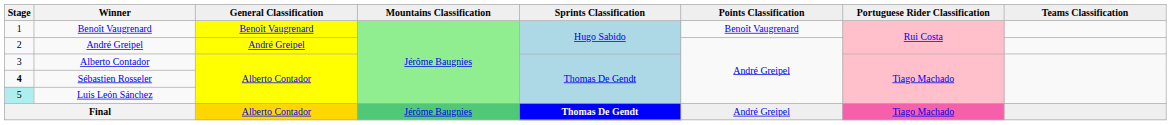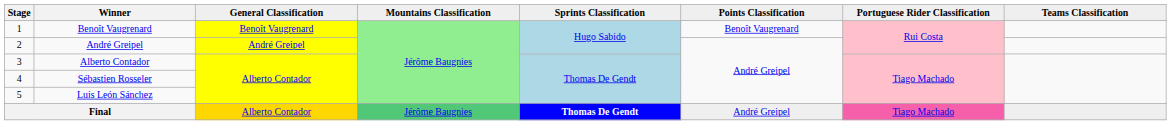 <table class="wikitable" style="text-align: center; font-size:smaller;">
 <tr style="background-color: #efefef;">
 <th width="1%">Stage</th>
 <th width="12%">Winner</th>
 <th style="background:#EFEFEF;" width="12%">General Classification<br></th>
 <th style="background:#EFEFEF;" width="12%">Mountains Classification<br></th>
 <th style="background:#EFEFEF"  width="12%">Sprints Classification<br></th>
 <th style="background:#EFEFEF"  width="12%">Points Classification<br></th>
 <th style="background:#EFEFEF"  width="12%">Portuguese Rider Classification<br></th>
 <th style="background:#EFEFEF;" width="12%">Teams Classification</th>
 </tr>
 <tr>
 <td>1</td>
 <td><a href='#'>Benoît Vaugrenard</a></td>
 <td style="background:yellow;" rowspan="1"><a href='#'>Benoît Vaugrenard</a></td>
 <td style="background:lightgreen;" rowspan="5"><a href='#'>Jérôme Baugnies</a></td>
 <td style="background:lightblue;" rowspan="2"><a href='#'>Hugo Sabido</a></td>
 <td rowspan="1"><a href='#'>Benoît Vaugrenard</a></td>
 <td style="background:pink;" rowspan="2"><a href='#'>Rui Costa</a></td>
 <td rowspan="1"></td>
 </tr>
 <tr>
 <td>2</td>
 <td><a href='#'>André Greipel</a></td>
 <td style="background:yellow;" rowspan="1"><a href='#'>André Greipel</a></td>
 <td rowspan="4"><a href='#'>André Greipel</a></td>
 <td rowspan="1"></td>
 </tr>
 <tr>
 <td>3</td>
 <td><a href='#'>Alberto Contador</a></td>
 <td style="background:yellow;" rowspan="3"><a href='#'>Alberto Contador</a></td>
 <td style="background:lightblue;" rowspan="3"><a href='#'>Thomas De Gendt</a></td>
 <td style="background:pink;" rowspan="3"><a href='#'>Tiago Machado</a></td>
 <td rowspan="3"></td>
 </tr>
 <tr>
-<td><strong>4</strong></td>
+<td>4</td>
 <td><a href='#'>Sébastien Rosseler</a></td>
 </tr>
 <tr>
-<td style="background: paleturquoise;">5</td>
+<td>5</td>
 <td><a href='#'>Luis León Sánchez</a></td>
 </tr>
 <tr>
 <th colspan=2><strong>Final</strong></th>
 <td style="background:gold;" rowspan="1"><a href='#'>Alberto Contador</a></td>
 <td style="background:#50C878;" rowspan="1"><a href='#'>Jérôme Baugnies</a></td>
 <td style="background:blue; color: #FFFFFF;" rowspan="1"><strong>Thomas De Gendt</strong></td>
 <td style="background:#EFEFEF;" rowspan="1"><a href='#'>André Greipel</a></td>
 <td style="background:#F660AB" rowspan="1"><a href='#'>Tiago Machado</a></td>
 <td style="background:#EFEFEF;" rowspan="1"></td>
 </tr>
 </table>
